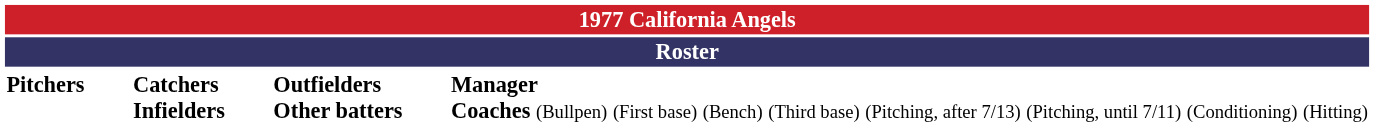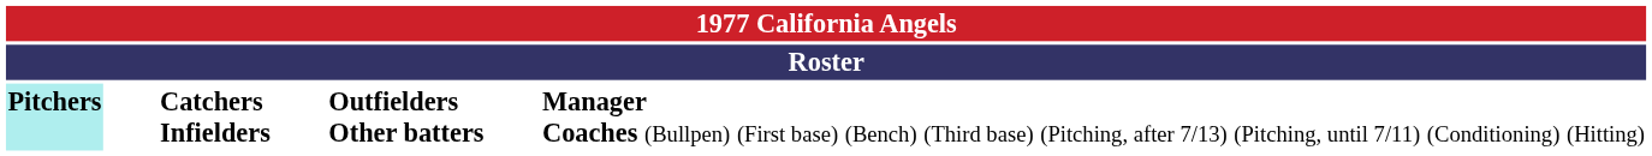 <table class="toccolours" style="font-size: 95%;">
 <tr>
 <th colspan="10" style="background-color: #CE2029; color: white; text-align: center;">1977 California Angels</th>
 </tr>
 <tr>
 <td colspan="10" style="background-color:#333366; color: white; text-align: center;"><strong>Roster</strong></td>
 </tr>
 <tr>
-<td valign="top"><strong>Pitchers</strong><br>                  </td>
+<td valign="top" style="background: paleturquoise;"><strong>Pitchers</strong><br>                  </td>
 <td width="25px"></td>
 <td valign="top"><strong>Catchers</strong><br>   <strong>Infielders</strong>            </td>
 <td width="25px"></td>
 <td valign="top"><strong>Outfielders</strong><br>        <strong>Other batters</strong>  </td>
 <td width="25px"></td>
 <td valign="top"><strong>Manager</strong><br>  <strong>Coaches</strong>  <small>(Bullpen)</small>  <small>(First base)</small>  <small>(Bench)</small>  <small>(Third base)</small>  <small>(Pitching, after 7/13)</small>  <small>(Pitching, until 7/11)</small>  <small>(Conditioning)</small>  <small>(Hitting)</small></td>
 </tr>
 </table>
